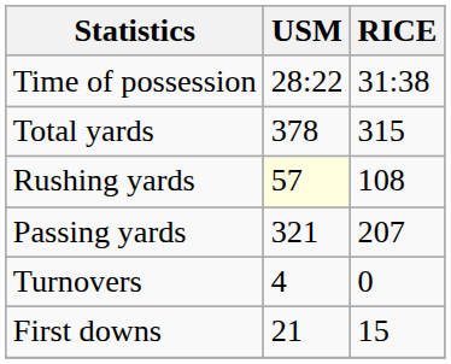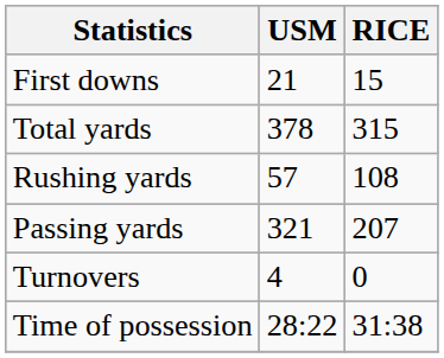 <table class="wikitable">
 <tr>
 <th>Statistics</th>
 <th>USM</th>
 <th>RICE</th>
 </tr>
 <tr>
-<td>Time of possession</td>
-<td>28:22</td>
-<td>31:38</td>
+<td>First downs</td>
+<td>21</td>
+<td>15</td>
 </tr>
 <tr>
 <td>Total yards</td>
 <td>378</td>
 <td>315</td>
 </tr>
 <tr>
 <td>Rushing yards</td>
-<td style="background: lightyellow;">57</td>
+<td>57</td>
 <td>108</td>
 </tr>
 <tr>
 <td>Passing yards</td>
 <td>321</td>
 <td>207</td>
 </tr>
 <tr>
 <td>Turnovers</td>
 <td>4</td>
 <td>0</td>
 </tr>
 <tr>
-<td>First downs</td>
-<td>21</td>
-<td>15</td>
+<td>Time of possession</td>
+<td>28:22</td>
+<td>31:38</td>
 </tr>
 <tr>
 </tr>
 </table>
